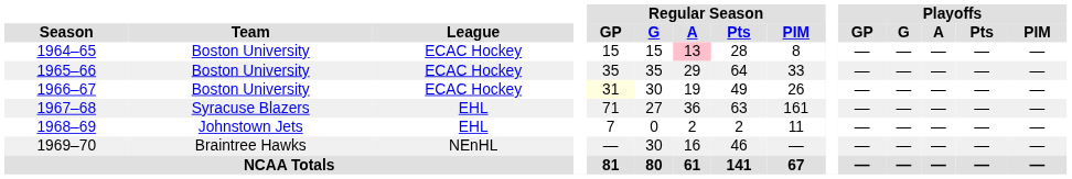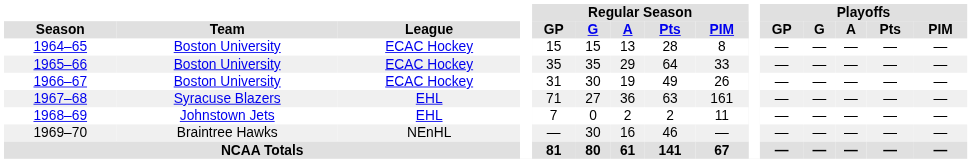 <table border="0" cellpadding="1" cellspacing="0" style="text-align:center; width:70em">
 <tr bgcolor="#e0e0e0">
 <th colspan="3"  bgcolor="#ffffff"> </th>
 <th rowspan="99" bgcolor="#ffffff"> </th>
 <th colspan="5">Regular Season</th>
 <th rowspan="99" bgcolor="#ffffff"> </th>
 <th colspan="5">Playoffs</th>
 </tr>
 <tr bgcolor="#e0e0e0">
 <th>Season</th>
 <th>Team</th>
 <th>League</th>
 <th>GP</th>
 <th><a href='#'>G</a></th>
 <th><a href='#'>A</a></th>
 <th><a href='#'>Pts</a></th>
 <th><a href='#'>PIM</a></th>
 <th>GP</th>
 <th>G</th>
 <th>A</th>
 <th>Pts</th>
 <th>PIM</th>
 </tr>
 <tr>
 <td><a href='#'>1964–65</a></td>
 <td><a href='#'>Boston University</a></td>
 <td><a href='#'>ECAC Hockey</a></td>
 <td>15</td>
 <td>15</td>
-<td style="background: pink;">13</td>
+<td>13</td>
 <td>28</td>
 <td>8</td>
 <td>—</td>
 <td>—</td>
 <td>—</td>
 <td>—</td>
 <td>—</td>
 </tr>
 <tr bgcolor=f0f0f0>
 <td><a href='#'>1965–66</a></td>
 <td><a href='#'>Boston University</a></td>
 <td><a href='#'>ECAC Hockey</a></td>
 <td>35</td>
 <td>35</td>
 <td>29</td>
 <td>64</td>
 <td>33</td>
 <td>—</td>
 <td>—</td>
 <td>—</td>
 <td>—</td>
 <td>—</td>
 </tr>
 <tr>
 <td><a href='#'>1966–67</a></td>
 <td><a href='#'>Boston University</a></td>
 <td><a href='#'>ECAC Hockey</a></td>
-<td style="background: lightyellow;">31</td>
+<td>31</td>
 <td>30</td>
 <td>19</td>
 <td>49</td>
 <td>26</td>
 <td>—</td>
 <td>—</td>
 <td>—</td>
 <td>—</td>
 <td>—</td>
 </tr>
 <tr bgcolor=f0f0f0>
 <td><a href='#'>1967–68</a></td>
 <td><a href='#'>Syracuse Blazers</a></td>
 <td><a href='#'>EHL</a></td>
 <td>71</td>
 <td>27</td>
 <td>36</td>
 <td>63</td>
 <td>161</td>
 <td>—</td>
 <td>—</td>
 <td>—</td>
 <td>—</td>
 <td>—</td>
 </tr>
 <tr>
 <td><a href='#'>1968–69</a></td>
 <td><a href='#'>Johnstown Jets</a></td>
 <td><a href='#'>EHL</a></td>
 <td>7</td>
 <td>0</td>
 <td>2</td>
 <td>2</td>
 <td>11</td>
 <td>—</td>
 <td>—</td>
 <td>—</td>
 <td>—</td>
 <td>—</td>
 </tr>
 <tr bgcolor=f0f0f0>
 <td>1969–70</td>
 <td>Braintree Hawks</td>
 <td>NEnHL</td>
 <td>—</td>
 <td>30</td>
 <td>16</td>
 <td>46</td>
 <td>—</td>
 <td>—</td>
 <td>—</td>
 <td>—</td>
 <td>—</td>
 <td>—</td>
 </tr>
 <tr bgcolor="#e0e0e0">
 <th colspan="3">NCAA Totals</th>
 <th>81</th>
 <th>80</th>
 <th>61</th>
 <th>141</th>
 <th>67</th>
 <th>—</th>
 <th>—</th>
 <th>—</th>
 <th>—</th>
 <th>—</th>
 </tr>
 </table>
